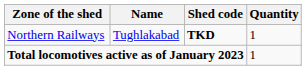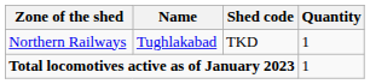 <table class="wikitable">
 <tr>
 <th>Zone of the shed</th>
 <th>Name</th>
 <th>Shed code</th>
 <th>Quantity</th>
 </tr>
 <tr>
 <td><a href='#'>Northern Railways</a></td>
 <td><a href='#'>Tughlakabad</a></td>
-<td><strong>TKD</strong></td>
+<td>TKD</td>
 <td>1</td>
 </tr>
 <tr>
 <td colspan="3"><strong>Total locomotives active as of January 2023</strong></td>
 <td>1</td>
 </tr>
 </table>
